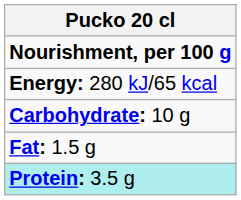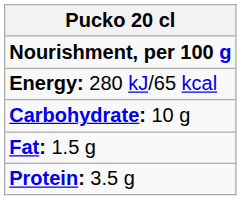 <table class="wikitable">
 <tr>
 <th>Pucko 20 cl</th>
 </tr>
 <tr>
 <td><strong>Nourishment, per 100 <a href='#'>g</a></strong></td>
 </tr>
 <tr>
 <td><strong>Energy:</strong> 280 <a href='#'>kJ</a>/65 <a href='#'>kcal</a></td>
 </tr>
 <tr>
 <td><strong><a href='#'>Carbohydrate</a>:</strong> 10 g</td>
 </tr>
 <tr>
 <td><strong><a href='#'>Fat</a>:</strong> 1.5 g</td>
 </tr>
 <tr>
-<td style="background: paleturquoise;"><strong><a href='#'>Protein</a>:</strong> 3.5 g</td>
+<td><strong><a href='#'>Protein</a>:</strong> 3.5 g</td>
 </tr>
 </table>
